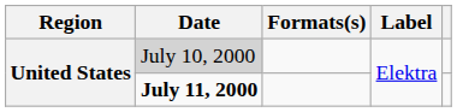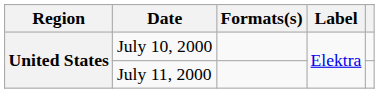 <table class="wikitable plainrowheaders">
 <tr>
 <th scope="col">Region</th>
 <th scope="col">Date</th>
 <th scope="col">Formats(s)</th>
 <th scope="col">Label</th>
 <th scope="col"></th>
 </tr>
 <tr>
 <th scope="row" rowspan="2">United States</th>
-<td style="background: lightgrey;">July 10, 2000</td>
+<td>July 10, 2000</td>
 <td></td>
 <td rowspan="2"><a href='#'>Elektra</a></td>
 <td align="center"></td>
 </tr>
 <tr>
-<td><strong>July 11, 2000</strong></td>
+<td>July 11, 2000</td>
 <td></td>
 <td align="center"></td>
 </tr>
 </table>
